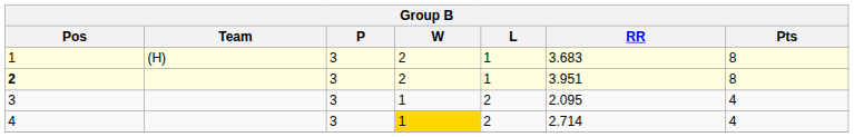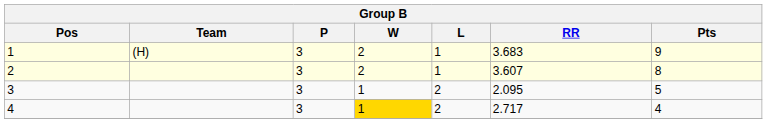 <table class="wikitable" width="80%">
 <tr bgcolor="#efefef">
 <th colspan=7>Group B</th>
 </tr>
 <tr bgcolor="#efefef">
 <th>Pos</th>
 <th>Team</th>
 <th>P</th>
 <th>W</th>
 <th>L</th>
 <th><a href='#'>RR</a></th>
 <th>Pts</th>
 </tr>
 <tr bgcolor="#ffffe0">
 <td>1</td>
 <td> (H)</td>
 <td>3</td>
 <td>2</td>
 <td>1</td>
 <td>3.683</td>
-<td>8</td>
+<td>9</td>
 </tr>
 <tr bgcolor="#ffffe0">
-<td><strong>2</strong></td>
+<td>2</td>
 <td></td>
 <td>3</td>
 <td>2</td>
 <td>1</td>
-<td>3.951</td>
+<td>3.607</td>
 <td>8</td>
 </tr>
 <tr>
 <td>3</td>
 <td></td>
 <td>3</td>
 <td>1</td>
 <td>2</td>
 <td>2.095</td>
-<td>4</td>
+<td>5</td>
 </tr>
 <tr>
 <td>4</td>
 <td></td>
 <td>3</td>
 <td style="background: gold;">1</td>
 <td>2</td>
-<td>2.714</td>
+<td>2.717</td>
 <td>4</td>
 </tr>
 <tr>
 </tr>
 </table>
